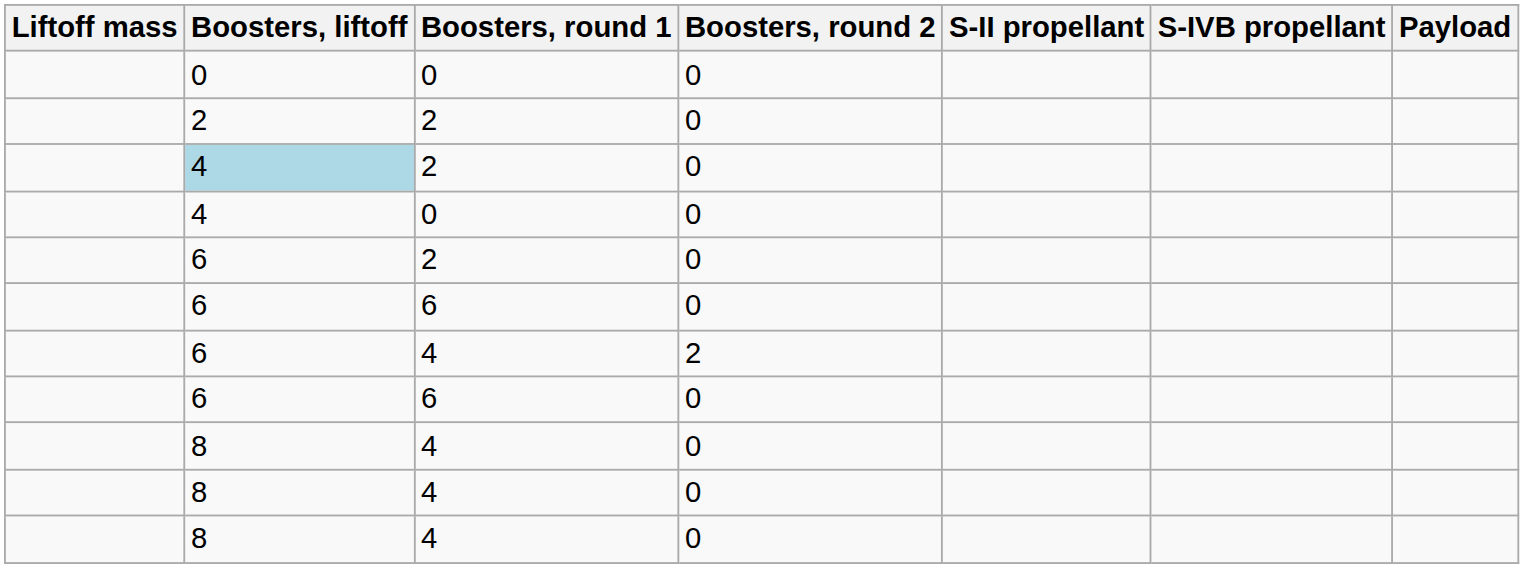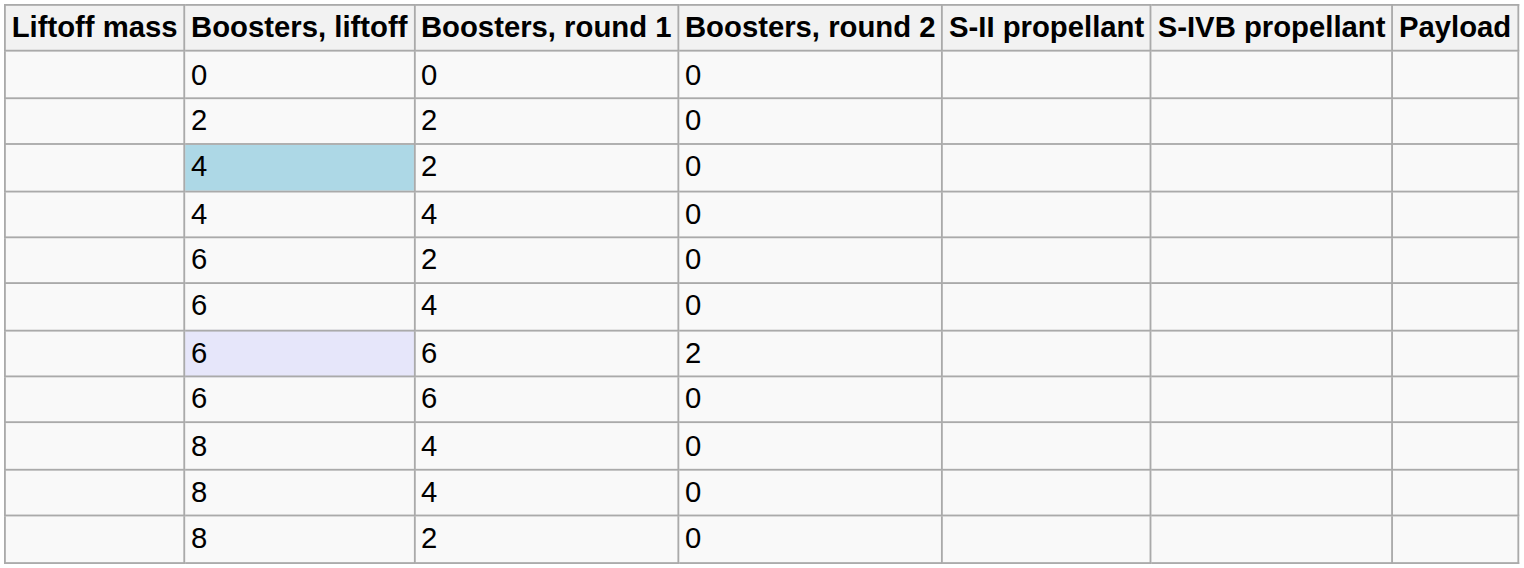 <table class="wikitable">
 <tr>
 <th>Liftoff mass</th>
 <th>Boosters, liftoff</th>
 <th>Boosters, round 1</th>
 <th>Boosters, round 2</th>
 <th>S-II propellant</th>
 <th>S-IVB propellant</th>
 <th>Payload</th>
 </tr>
 <tr>
 <td></td>
 <td>0</td>
 <td>0</td>
 <td>0</td>
 <td></td>
 <td></td>
 <td></td>
 </tr>
 <tr>
 <td></td>
 <td>2</td>
 <td>2</td>
 <td>0</td>
 <td></td>
 <td></td>
 <td></td>
 </tr>
 <tr>
 <td></td>
 <td style="background: lightblue;">4</td>
 <td>2</td>
 <td>0</td>
 <td></td>
 <td></td>
 <td></td>
 </tr>
 <tr>
 <td></td>
 <td>4</td>
-<td>0</td>
+<td>4</td>
 <td>0</td>
 <td></td>
 <td></td>
 <td></td>
 </tr>
 <tr>
 <td></td>
 <td>6</td>
 <td>2</td>
 <td>0</td>
 <td></td>
 <td></td>
 <td></td>
 </tr>
 <tr>
 <td></td>
 <td>6</td>
-<td>6</td>
+<td>4</td>
 <td>0</td>
 <td></td>
 <td></td>
 <td></td>
 </tr>
 <tr>
 <td></td>
+<td style="background: lavender;">6</td>
 <td>6</td>
-<td>4</td>
 <td>2</td>
 <td></td>
 <td></td>
 <td></td>
 </tr>
 <tr>
 <td></td>
 <td>6</td>
 <td>6</td>
 <td>0</td>
 <td></td>
 <td></td>
 <td></td>
 </tr>
 <tr>
 <td></td>
 <td>8</td>
 <td>4</td>
 <td>0</td>
 <td></td>
 <td></td>
 <td></td>
 </tr>
 <tr>
 <td></td>
 <td>8</td>
 <td>4</td>
 <td>0</td>
 <td></td>
 <td></td>
 <td></td>
 </tr>
 <tr>
 <td></td>
 <td>8</td>
-<td>4</td>
+<td>2</td>
 <td>0</td>
 <td></td>
 <td></td>
 <td></td>
 </tr>
 </table>
